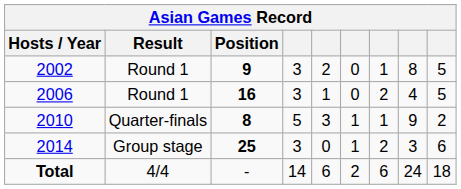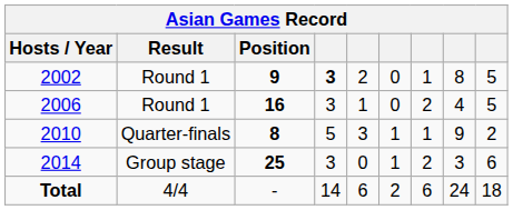 <table class="wikitable" style="text-align: center;font-size:95%;">
 <tr>
 <th colspan=9><a href='#'>Asian Games</a> Record</th>
 </tr>
 <tr>
 <th>Hosts / Year</th>
 <th>Result</th>
 <th>Position</th>
 <th width=20></th>
 <th width=20></th>
 <th width=20></th>
 <th width=20></th>
 <th width=20></th>
 <th width=20></th>
 </tr>
 <tr>
 <td> <a href='#'>2002</a></td>
 <td>Round 1</td>
 <td><strong>9</strong></td>
-<td>3</td>
+<td><strong>3</strong></td>
 <td>2</td>
 <td>0</td>
 <td>1</td>
 <td>8</td>
 <td>5</td>
 </tr>
 <tr>
 <td> <a href='#'>2006</a></td>
 <td>Round 1</td>
 <td><strong>16</strong></td>
 <td>3</td>
 <td>1</td>
 <td>0</td>
 <td>2</td>
 <td>4</td>
 <td>5</td>
 </tr>
 <tr>
 <td> <a href='#'>2010</a></td>
 <td>Quarter-finals</td>
 <td><strong>8</strong></td>
 <td>5</td>
 <td>3</td>
 <td>1</td>
 <td>1</td>
 <td>9</td>
 <td>2</td>
 </tr>
 <tr>
 <td> <a href='#'>2014</a></td>
 <td>Group stage</td>
 <td><strong>25</strong></td>
 <td>3</td>
 <td>0</td>
 <td>1</td>
 <td>2</td>
 <td>3</td>
 <td>6</td>
 </tr>
 <tr>
 <td><strong>Total</strong></td>
 <td>4/4</td>
 <td>-</td>
 <td>14</td>
 <td>6</td>
 <td>2</td>
 <td>6</td>
 <td>24</td>
 <td>18</td>
 </tr>
 </table>
